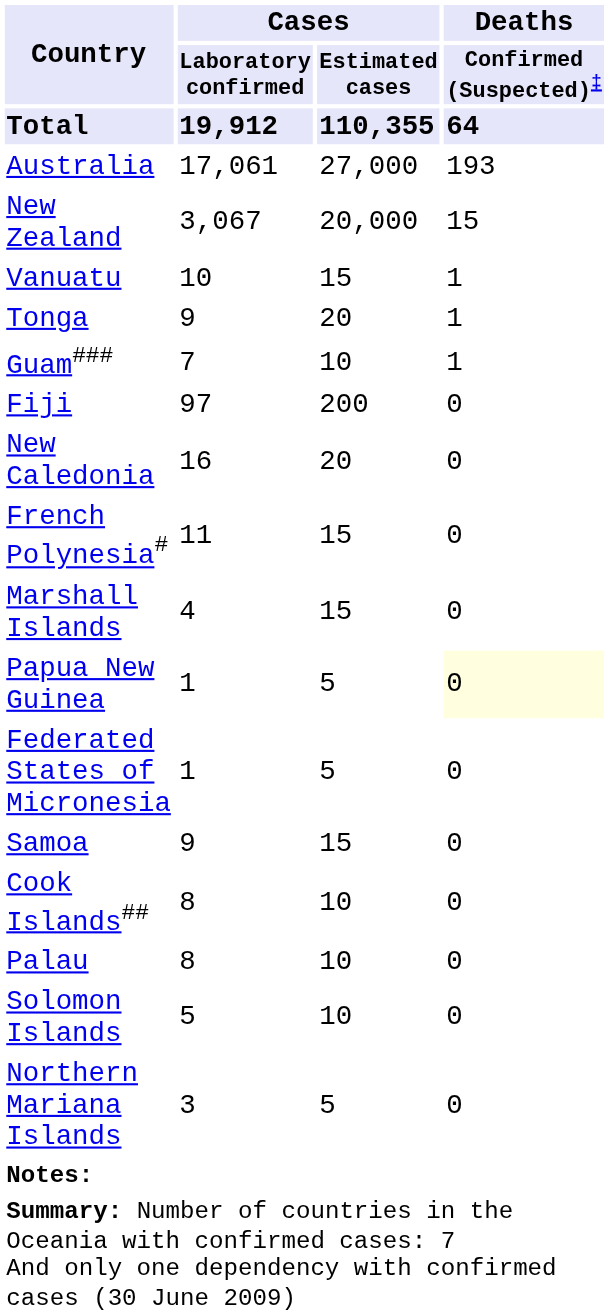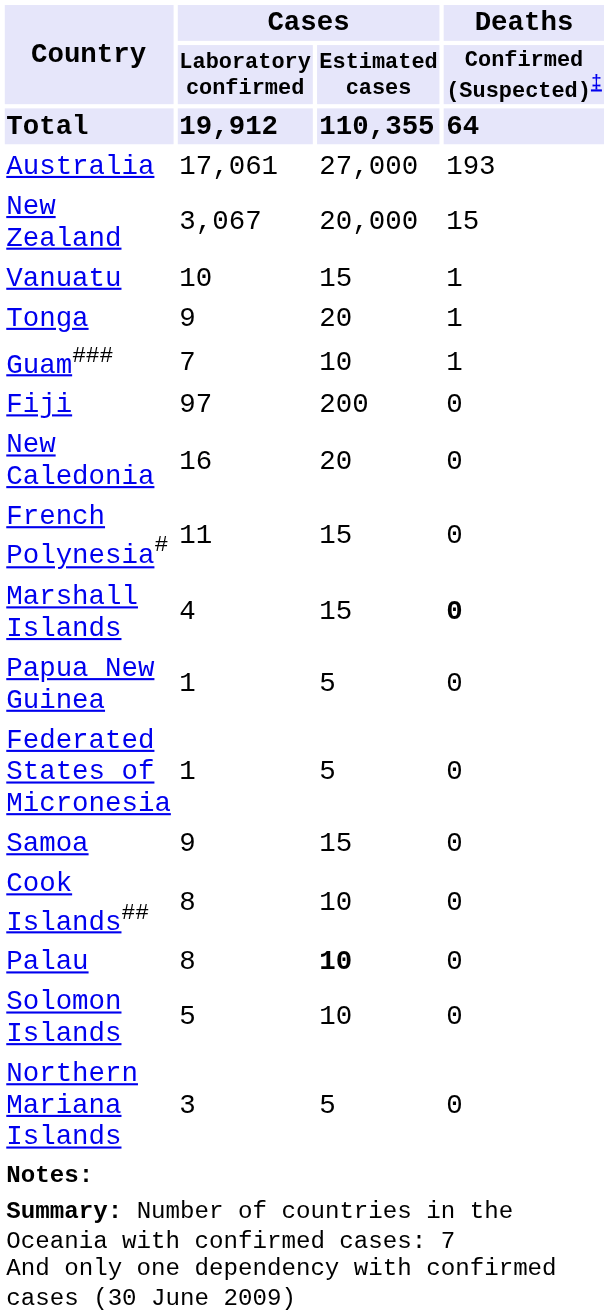 <table class="toccolours" style="float:right;clear:right;margin: 0.5em 0 0.5em 1em; width:20em">
 <tr style="background:lavender;">
 <th rowspan="2">Country</th>
 <th colspan="2">Cases</th>
 <th>Deaths</th>
 </tr>
 <tr style="background:lavender;font-size:80%">
 <th>Laboratory <br>confirmed</th>
 <th>Estimated cases</th>
 <th>Confirmed<br>(Suspected)<sup><a href='#'>‡</a></sup></th>
 </tr>
 <tr style="font-weight:bold">
 <td style="background:lavender; font-weight:bold;">Total</td>
 <td style="background:lavender; font-weight:bold;">19,912</td>
 <td style="background:lavender; font-weight:bold;">110,355</td>
 <td style="background:lavender; font-weight:bold;">64 </td>
 </tr>
 <tr>
 <td style="text-align:left"><a href='#'>Australia</a><br></td>
 <td>17,061</td>
 <td>27,000</td>
 <td>193</td>
 </tr>
 <tr>
 <td style="text-align:left"><a href='#'>New Zealand</a><br> </td>
 <td>3,067</td>
 <td>20,000</td>
 <td>15 </td>
 </tr>
 <tr>
 <td style="text-align:left"><a href='#'>Vanuatu</a></td>
 <td>10</td>
 <td>15</td>
 <td>1</td>
 </tr>
 <tr>
 <td style="text-align:left"><a href='#'>Tonga</a></td>
 <td>9</td>
 <td>20</td>
 <td>1</td>
 </tr>
 <tr>
 <td style="text-align:left"><a href='#'>Guam</a><sup>###</sup></td>
 <td>7</td>
 <td>10</td>
 <td>1</td>
 </tr>
 <tr>
 <td style="text-align:left"><a href='#'>Fiji</a></td>
 <td>97</td>
 <td>200</td>
 <td>0</td>
 </tr>
 <tr>
 <td style="text-align:left"><a href='#'>New Caledonia</a></td>
 <td>16</td>
 <td>20</td>
 <td>0</td>
 </tr>
 <tr>
 <td style="text-align:left"><a href='#'>French Polynesia</a><sup>#</sup></td>
 <td>11</td>
 <td>15</td>
 <td>0</td>
 </tr>
 <tr>
 <td style="text-align:left"><a href='#'>Marshall Islands</a></td>
 <td>4</td>
 <td>15</td>
-<td>0</td>
+<td><strong>0</strong></td>
 </tr>
 <tr>
 <td style="text-align:left"><a href='#'>Papua New Guinea</a></td>
 <td>1</td>
 <td>5</td>
-<td style="background: lightyellow;">0</td>
+<td>0</td>
 </tr>
 <tr>
 <td style="text-align:left"><a href='#'>Federated States of Micronesia</a></td>
 <td>1</td>
 <td>5</td>
 <td>0</td>
 </tr>
 <tr>
 <td style="text-align:left"><a href='#'>Samoa</a></td>
 <td>9</td>
 <td>15</td>
 <td>0</td>
 </tr>
 <tr>
 <td style="text-align:left"><a href='#'>Cook Islands</a><sup>##</sup></td>
 <td>8</td>
 <td>10</td>
 <td>0</td>
 </tr>
 <tr>
 <td style="text-align:left"><a href='#'>Palau</a></td>
 <td>8</td>
-<td>10</td>
+<td><strong>10</strong></td>
 <td>0</td>
 </tr>
 <tr>
 <td style="text-align:left"><a href='#'>Solomon Islands</a></td>
 <td>5</td>
 <td>10</td>
 <td>0</td>
 </tr>
 <tr>
 <td style="text-align:left"><a href='#'>Northern Mariana Islands</a></td>
 <td>3</td>
 <td>5</td>
 <td>0</td>
 </tr>
 <tr>
 <td colspan=4 style="font-size:88%"><strong>Notes:</strong><br>  </td>
 </tr>
 <tr style="font-size:88%; text-align:left; line-height:1.2">
 <td colspan=4><strong>Summary:</strong> Number of countries in the Oceania with confirmed cases: 7 <br> And only one dependency with confirmed cases (30 June 2009)</td>
 </tr>
 </table>
